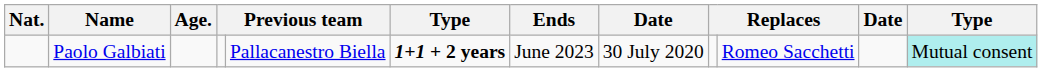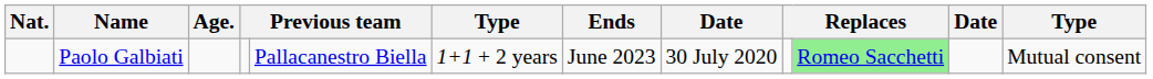 <table class="wikitable sortable">
 <tr>
 <th>Nat.</th>
 <th>Name</th>
 <th>Age.</th>
 <th colspan=2>Previous team</th>
 <th>Type</th>
 <th>Ends</th>
 <th>Date</th>
 <th colspan=2>Replaces</th>
 <th>Date</th>
 <th>Type</th>
 </tr>
 <tr>
 <td></td>
 <td><a href='#'>Paolo Galbiati</a></td>
 <td></td>
 <td></td>
 <td><a href='#'>Pallacanestro Biella</a></td>
-<td><strong><em>1+1</em> + 2 years</strong></td>
+<td><em>1+1</em> + 2 years</td>
 <td>June 2023</td>
 <td>30 July 2020</td>
 <td></td>
-<td><a href='#'>Romeo Sacchetti</a></td>
+<td style="background: lightgreen;"><a href='#'>Romeo Sacchetti</a></td>
 <td></td>
-<td style="background: paleturquoise;">Mutual consent</td>
+<td>Mutual consent</td>
 </tr>
 </table>
